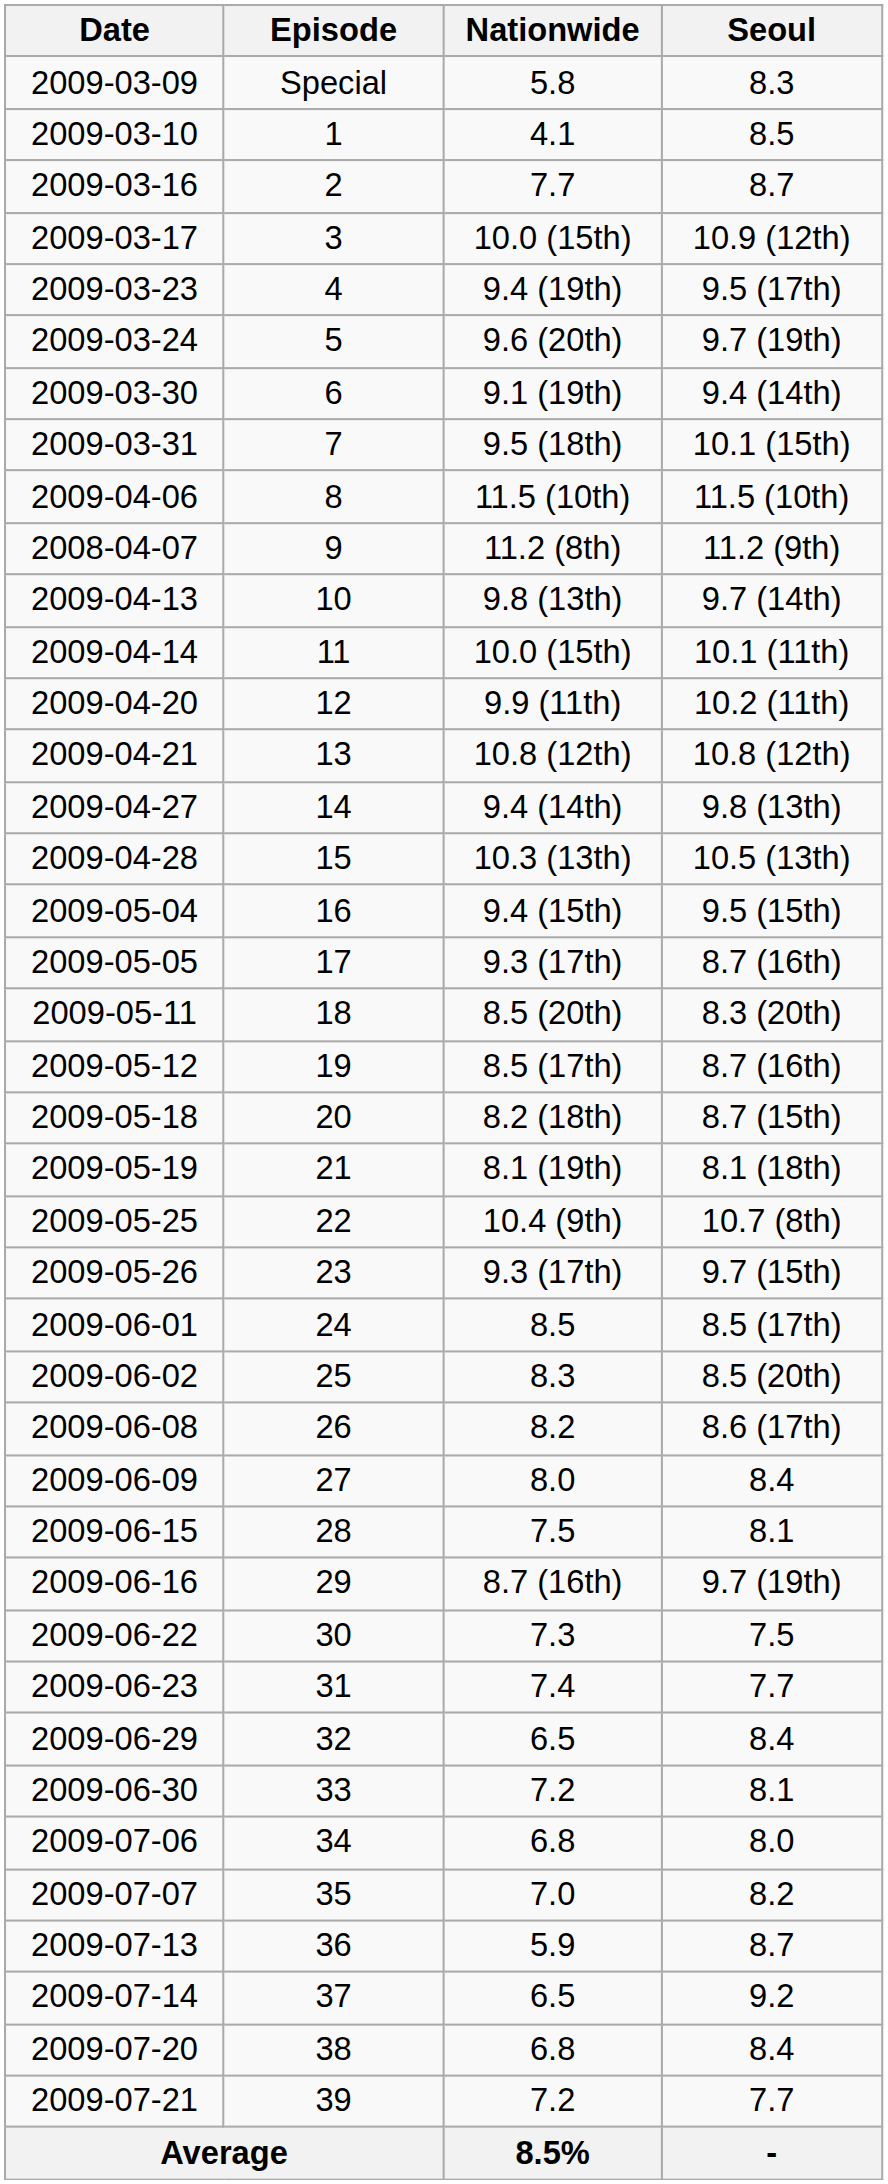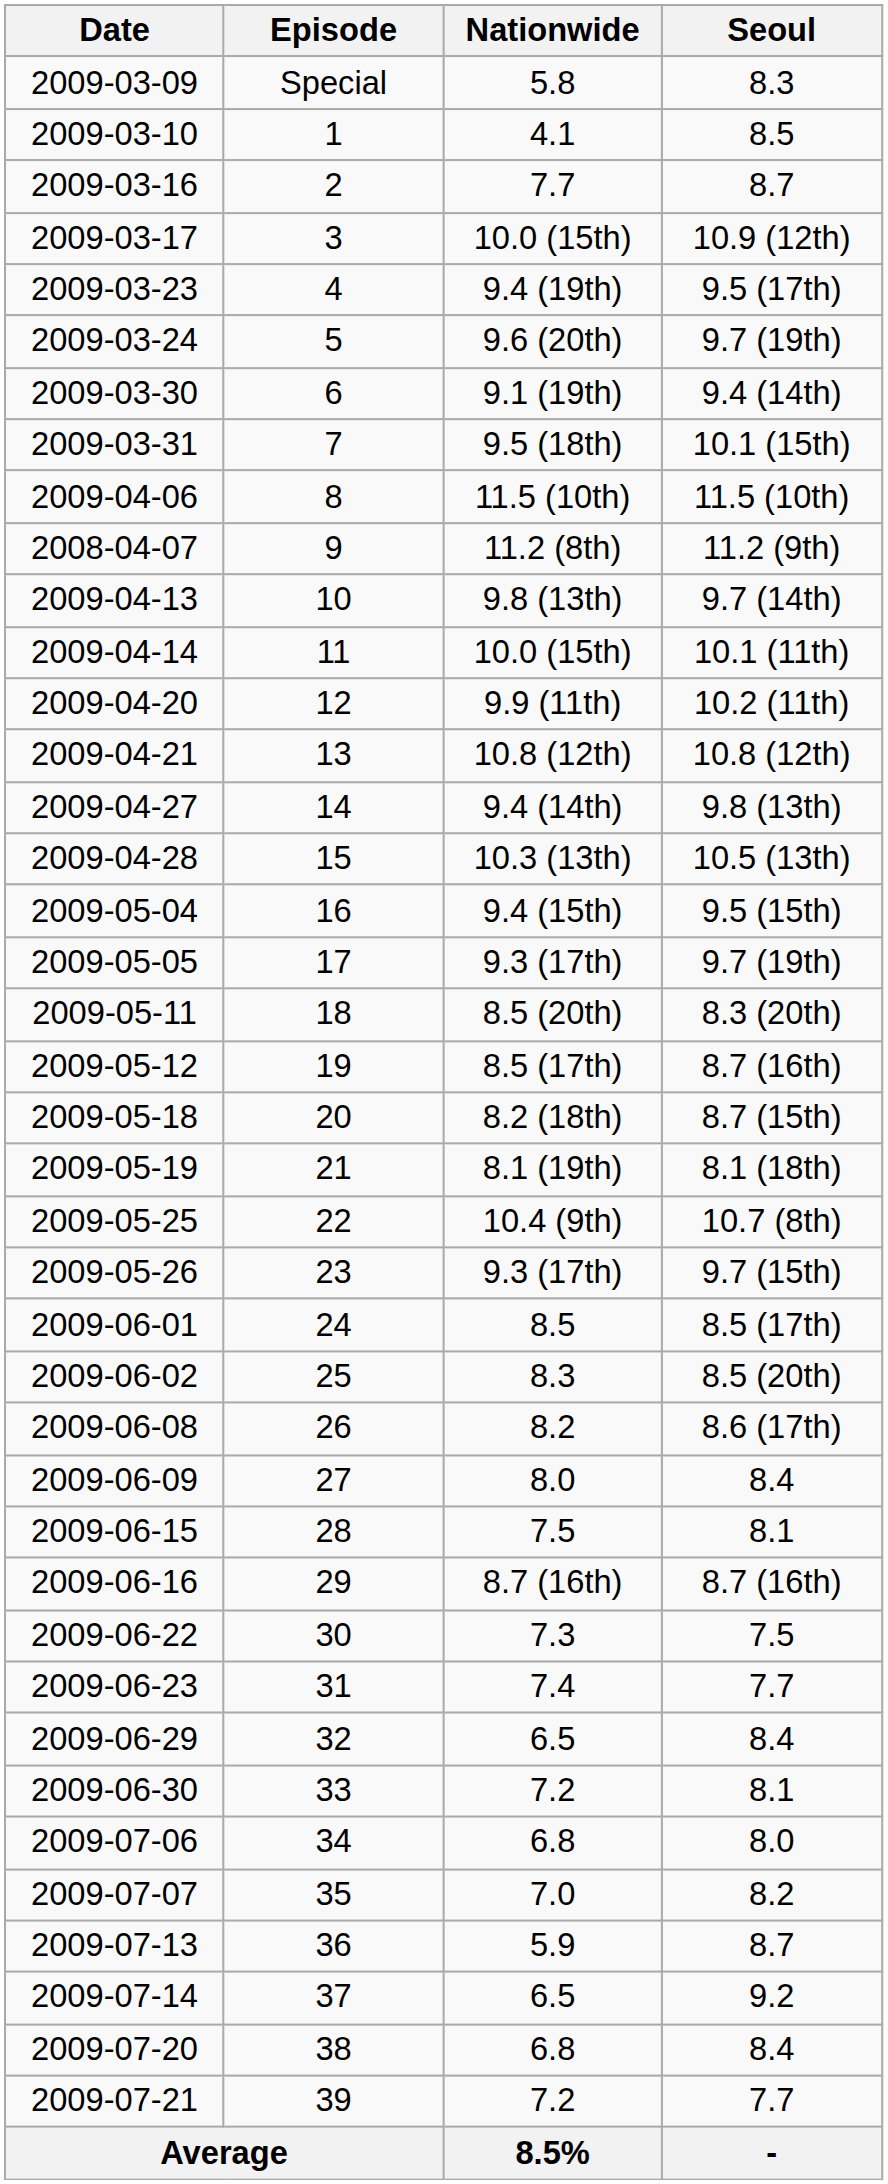 <table class="wikitable">
 <tr>
 <th width=100>Date</th>
 <th width=100>Episode</th>
 <th width=100>Nationwide</th>
 <th width=100>Seoul</th>
 </tr>
 <tr align=center>
 <td>2009-03-09</td>
 <td>Special</td>
 <td>5.8</td>
 <td>8.3</td>
 </tr>
 <tr align=center>
 <td>2009-03-10</td>
 <td>1</td>
 <td>4.1</td>
 <td>8.5</td>
 </tr>
 <tr align=center>
 <td>2009-03-16</td>
 <td>2</td>
 <td>7.7</td>
 <td>8.7</td>
 </tr>
 <tr align=center>
 <td>2009-03-17</td>
 <td>3</td>
 <td>10.0 (15th)</td>
 <td>10.9 (12th)</td>
 </tr>
 <tr align=center>
 <td>2009-03-23</td>
 <td>4</td>
 <td>9.4 (19th)</td>
 <td>9.5 (17th)</td>
 </tr>
 <tr align=center>
 <td>2009-03-24</td>
 <td>5</td>
 <td>9.6 (20th)</td>
 <td>9.7 (19th)</td>
 </tr>
 <tr align=center>
 <td>2009-03-30</td>
 <td>6</td>
 <td>9.1 (19th)</td>
 <td>9.4 (14th)</td>
 </tr>
 <tr align=center>
 <td>2009-03-31</td>
 <td>7</td>
 <td>9.5 (18th)</td>
 <td>10.1 (15th)</td>
 </tr>
 <tr align=center>
 <td>2009-04-06</td>
 <td>8</td>
 <td>11.5 (10th)</td>
 <td>11.5 (10th)</td>
 </tr>
 <tr align=center>
 <td>2008-04-07</td>
 <td>9</td>
 <td>11.2 (8th)</td>
 <td>11.2 (9th)</td>
 </tr>
 <tr align=center>
 <td>2009-04-13</td>
 <td>10</td>
 <td>9.8 (13th)</td>
 <td>9.7 (14th)</td>
 </tr>
 <tr align=center>
 <td>2009-04-14</td>
 <td>11</td>
 <td>10.0 (15th)</td>
 <td>10.1 (11th)</td>
 </tr>
 <tr align=center>
 <td>2009-04-20</td>
 <td>12</td>
 <td>9.9 (11th)</td>
 <td>10.2 (11th)</td>
 </tr>
 <tr align=center>
 <td>2009-04-21</td>
 <td>13</td>
 <td>10.8 (12th)</td>
 <td>10.8 (12th)</td>
 </tr>
 <tr align=center>
 <td>2009-04-27</td>
 <td>14</td>
 <td>9.4 (14th)</td>
 <td>9.8 (13th)</td>
 </tr>
 <tr align=center>
 <td>2009-04-28</td>
 <td>15</td>
 <td>10.3 (13th)</td>
 <td>10.5 (13th)</td>
 </tr>
 <tr align=center>
 <td>2009-05-04</td>
 <td>16</td>
 <td>9.4 (15th)</td>
 <td>9.5 (15th)</td>
 </tr>
 <tr align=center>
 <td>2009-05-05</td>
 <td>17</td>
 <td>9.3 (17th)</td>
-<td>8.7 (16th)</td>
+<td>9.7 (19th)</td>
 </tr>
 <tr align=center>
 <td>2009-05-11</td>
 <td>18</td>
 <td>8.5 (20th)</td>
 <td>8.3 (20th)</td>
 </tr>
 <tr align=center>
 <td>2009-05-12</td>
 <td>19</td>
 <td>8.5 (17th)</td>
 <td>8.7 (16th)</td>
 </tr>
 <tr align=center>
 <td>2009-05-18</td>
 <td>20</td>
 <td>8.2 (18th)</td>
 <td>8.7 (15th)</td>
 </tr>
 <tr align=center>
 <td>2009-05-19</td>
 <td>21</td>
 <td>8.1 (19th)</td>
 <td>8.1 (18th)</td>
 </tr>
 <tr align=center>
 <td>2009-05-25</td>
 <td>22</td>
 <td>10.4 (9th)</td>
 <td>10.7 (8th)</td>
 </tr>
 <tr align=center>
 <td>2009-05-26</td>
 <td>23</td>
 <td>9.3 (17th)</td>
 <td>9.7 (15th)</td>
 </tr>
 <tr align=center>
 <td>2009-06-01</td>
 <td>24</td>
 <td>8.5</td>
 <td>8.5 (17th)</td>
 </tr>
 <tr align=center>
 <td>2009-06-02</td>
 <td>25</td>
 <td>8.3</td>
 <td>8.5 (20th)</td>
 </tr>
 <tr align=center>
 <td>2009-06-08</td>
 <td>26</td>
 <td>8.2</td>
 <td>8.6 (17th)</td>
 </tr>
 <tr align=center>
 <td>2009-06-09</td>
 <td>27</td>
 <td>8.0</td>
 <td>8.4</td>
 </tr>
 <tr align=center>
 <td>2009-06-15</td>
 <td>28</td>
 <td>7.5</td>
 <td>8.1</td>
 </tr>
 <tr align=center>
 <td>2009-06-16</td>
 <td>29</td>
 <td>8.7 (16th)</td>
-<td>9.7 (19th)</td>
+<td>8.7 (16th)</td>
 </tr>
 <tr align=center>
 <td>2009-06-22</td>
 <td>30</td>
 <td>7.3</td>
 <td>7.5</td>
 </tr>
 <tr align=center>
 <td>2009-06-23</td>
 <td>31</td>
 <td>7.4</td>
 <td>7.7</td>
 </tr>
 <tr align=center>
 <td>2009-06-29</td>
 <td>32</td>
 <td>6.5</td>
 <td>8.4</td>
 </tr>
 <tr align=center>
 <td>2009-06-30</td>
 <td>33</td>
 <td>7.2</td>
 <td>8.1</td>
 </tr>
 <tr align=center>
 <td>2009-07-06</td>
 <td>34</td>
 <td>6.8</td>
 <td>8.0</td>
 </tr>
 <tr align=center>
 <td>2009-07-07</td>
 <td>35</td>
 <td>7.0</td>
 <td>8.2</td>
 </tr>
 <tr align=center>
 <td>2009-07-13</td>
 <td>36</td>
 <td>5.9</td>
 <td>8.7</td>
 </tr>
 <tr align=center>
 <td>2009-07-14</td>
 <td>37</td>
 <td>6.5</td>
 <td>9.2</td>
 </tr>
 <tr align=center>
 <td>2009-07-20</td>
 <td>38</td>
 <td>6.8</td>
 <td>8.4</td>
 </tr>
 <tr align=center>
 <td>2009-07-21</td>
 <td>39</td>
 <td>7.2</td>
 <td>7.7</td>
 </tr>
 <tr align="center">
 <th colspan=2>Average</th>
 <th>8.5%</th>
 <th>-</th>
 </tr>
 </table>
